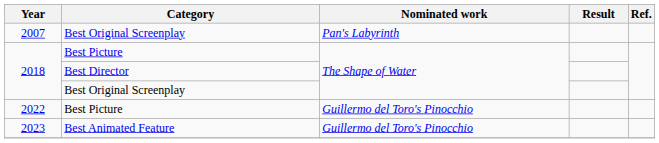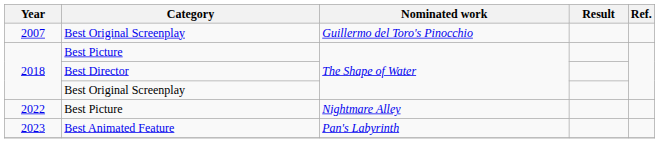 <table class=wikitable>
 <tr>
 <th scope="col" style="width:5em;">Year</th>
 <th scope="col" style="width:26em;">Category</th>
 <th scope="col" style="width:25em;">Nominated work</th>
 <th scope="col" style="width:5em;">Result</th>
 <th>Ref.</th>
 </tr>
 <tr>
 <td style="text-align:center;"><a href='#'>2007</a></td>
 <td><a href='#'>Best Original Screenplay</a></td>
-<td><em><a href='#'>Pan's Labyrinth</a></em></td>
+<td><em><a href='#'>Guillermo del Toro's Pinocchio</a></em></td>
 <td></td>
 <td style="text-align:center;"></td>
 </tr>
 <tr>
 <td style="text-align:center;", rowspan="3"><a href='#'>2018</a></td>
 <td><a href='#'>Best Picture</a></td>
 <td rowspan="3"><em><a href='#'>The Shape of Water</a></em></td>
 <td></td>
 <td style="text-align:center; "rowspan="3"></td>
 </tr>
 <tr>
 <td><a href='#'>Best Director</a></td>
 <td></td>
 </tr>
 <tr>
 <td>Best Original Screenplay</td>
 <td></td>
 </tr>
 <tr>
 <td style="text-align:center;"><a href='#'>2022</a></td>
 <td>Best Picture</td>
-<td><em><a href='#'>Guillermo del Toro's Pinocchio</a></em></td>
+<td><em><a href='#'>Nightmare Alley</a></em></td>
 <td></td>
 <td style="text-align:center;"></td>
 </tr>
 <tr>
 <td style="text-align:center;"><a href='#'>2023</a></td>
 <td><a href='#'>Best Animated Feature</a></td>
-<td><em><a href='#'>Guillermo del Toro's Pinocchio</a></em></td>
+<td><em><a href='#'>Pan's Labyrinth</a></em></td>
 <td></td>
 <td style="text-align:center;"></td>
 </tr>
 <tr>
 </tr>
 </table>
